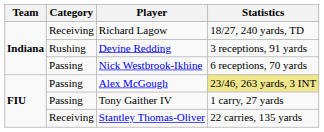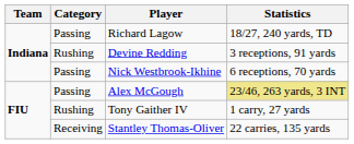 <table class="wikitable" style="float: right;">
 <tr>
 <th>Team</th>
 <th>Category</th>
 <th>Player</th>
 <th>Statistics</th>
 </tr>
 <tr>
 <td rowspan=3><strong>Indiana</strong></td>
-<td>Receiving</td>
+<td>Passing</td>
 <td>Richard Lagow</td>
 <td>18/27, 240 yards, TD</td>
 </tr>
 <tr>
 <td>Rushing</td>
 <td><a href='#'>Devine Redding</a></td>
 <td>3 receptions, 91 yards</td>
 </tr>
 <tr>
 <td>Passing</td>
 <td><a href='#'>Nick Westbrook-Ikhine</a></td>
 <td>6 receptions, 70 yards</td>
 </tr>
 <tr>
 <td rowspan=3><strong>FIU</strong></td>
 <td>Passing</td>
 <td><a href='#'>Alex McGough</a></td>
 <td style="background: khaki;">23/46, 263 yards, 3 INT</td>
 </tr>
 <tr>
-<td>Passing</td>
+<td>Rushing</td>
 <td>Tony Gaither IV</td>
 <td>1 carry, 27 yards</td>
 </tr>
 <tr>
 <td>Receiving</td>
 <td><a href='#'>Stantley Thomas-Oliver</a></td>
 <td>22 carries, 135 yards</td>
 </tr>
 </table>
